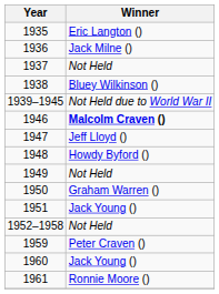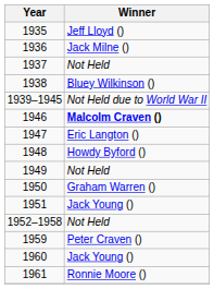 <table class="wikitable">
 <tr align=center>
 <th>Year</th>
 <th>Winner</th>
 </tr>
 <tr>
 <td align=center>1935</td>
-<td><a href='#'>Eric Langton</a> ()</td>
+<td><a href='#'>Jeff Lloyd</a> ()</td>
 </tr>
 <tr>
 <td align=center>1936</td>
 <td><a href='#'>Jack Milne</a> ()</td>
 </tr>
 <tr>
 <td align=center>1937</td>
 <td colspan=2><em>Not Held</em></td>
 </tr>
 <tr>
 <td align=center>1938</td>
 <td><a href='#'>Bluey Wilkinson</a> ()</td>
 </tr>
 <tr>
 <td align=center>1939–1945</td>
 <td colspan=2><em>Not Held due to <a href='#'>World War II</a></em></td>
 </tr>
 <tr>
 <td align=center>1946</td>
 <td><strong><a href='#'>Malcolm Craven</a> ()</strong></td>
 </tr>
 <tr>
 <td align=center>1947</td>
-<td><a href='#'>Jeff Lloyd</a> ()</td>
+<td><a href='#'>Eric Langton</a> ()</td>
 </tr>
 <tr>
 <td align=center>1948</td>
 <td><a href='#'>Howdy Byford</a> ()</td>
 </tr>
 <tr>
 <td align=center>1949</td>
 <td colspan=2><em>Not Held</em></td>
 </tr>
 <tr>
 <td align=center>1950</td>
 <td><a href='#'>Graham Warren</a> ()</td>
 </tr>
 <tr>
 <td align=center>1951</td>
 <td><a href='#'>Jack Young</a> ()</td>
 </tr>
 <tr>
 <td align=center>1952–1958</td>
 <td colspan=2><em>Not Held</em></td>
 </tr>
 <tr>
 <td align=center>1959</td>
 <td><a href='#'>Peter Craven</a> ()</td>
 </tr>
 <tr>
 <td align=center>1960</td>
 <td><a href='#'>Jack Young</a> ()</td>
 </tr>
 <tr>
 <td align=center>1961</td>
 <td><a href='#'>Ronnie Moore</a> ()</td>
 </tr>
 <tr>
 </tr>
 </table>
